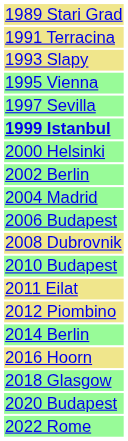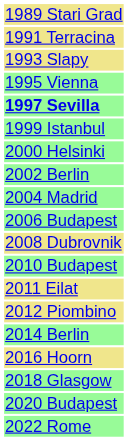 <table>
 <tr>
 <td bgcolor=khaki><a href='#'>1989 Stari Grad</a></td>
 <td></td>
 <td></td>
 <td></td>
 </tr>
 <tr>
 <td bgcolor=khaki><a href='#'>1991 Terracina</a></td>
 <td></td>
 <td></td>
 <td></td>
 </tr>
 <tr>
 <td bgcolor=khaki><a href='#'>1993 Slapy</a></td>
 <td></td>
 <td></td>
 <td></td>
 </tr>
 <tr>
 <td bgcolor=palegreen><a href='#'>1995 Vienna</a></td>
 <td></td>
 <td></td>
 <td></td>
 </tr>
 <tr>
-<td bgcolor=palegreen><a href='#'>1997 Sevilla</a></td>
+<td bgcolor=palegreen><strong><a href='#'>1997 Sevilla</a></strong></td>
 <td></td>
 <td></td>
 <td></td>
 </tr>
 <tr>
-<td bgcolor=palegreen><strong><a href='#'>1999 Istanbul</a></strong></td>
+<td bgcolor=palegreen><a href='#'>1999 Istanbul</a></td>
 <td></td>
 <td></td>
 <td></td>
 </tr>
 <tr>
 <td bgcolor=palegreen><a href='#'>2000 Helsinki</a></td>
 <td></td>
 <td></td>
 <td></td>
 </tr>
 <tr>
 <td bgcolor=palegreen><a href='#'>2002 Berlin</a></td>
 <td></td>
 <td></td>
 <td></td>
 </tr>
 <tr>
 <td bgcolor=palegreen><a href='#'>2004 Madrid</a></td>
 <td></td>
 <td></td>
 <td></td>
 </tr>
 <tr>
 <td bgcolor=palegreen><a href='#'>2006 Budapest</a></td>
 <td></td>
 <td></td>
 <td></td>
 </tr>
 <tr>
 <td bgcolor=khaki><a href='#'>2008 Dubrovnik</a></td>
 <td></td>
 <td></td>
 <td></td>
 </tr>
 <tr>
 <td bgcolor=palegreen><a href='#'>2010 Budapest</a></td>
 <td></td>
 <td></td>
 <td></td>
 </tr>
 <tr>
 <td bgcolor=khaki><a href='#'>2011 Eilat</a></td>
 <td></td>
 <td></td>
 <td></td>
 </tr>
 <tr>
 <td bgcolor=khaki><a href='#'>2012 Piombino</a></td>
 <td></td>
 <td></td>
 <td></td>
 </tr>
 <tr>
 <td bgcolor=palegreen><a href='#'>2014 Berlin</a></td>
 <td></td>
 <td></td>
 <td></td>
 </tr>
 <tr>
 <td bgcolor=khaki><a href='#'>2016 Hoorn</a></td>
 <td></td>
 <td></td>
 <td></td>
 </tr>
 <tr>
 <td bgcolor=palegreen><a href='#'>2018 Glasgow</a></td>
 <td></td>
 <td></td>
 <td></td>
 </tr>
 <tr>
 <td bgcolor=palegreen><a href='#'>2020 Budapest</a></td>
 <td></td>
 <td></td>
 <td></td>
 </tr>
 <tr>
 <td bgcolor=palegreen><a href='#'>2022 Rome</a></td>
 <td></td>
 <td></td>
 <td></td>
 </tr>
 </table>
